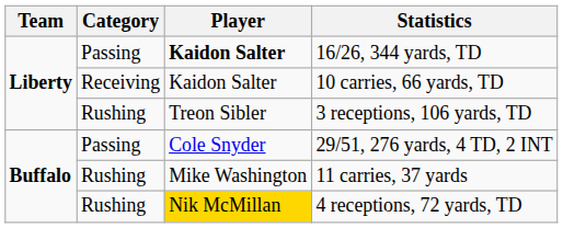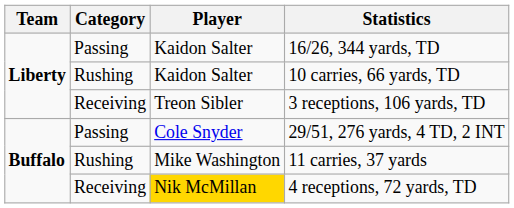 <table class="wikitable" style="float: right;">
 <tr>
 <th>Team</th>
 <th>Category</th>
 <th>Player</th>
 <th>Statistics</th>
 </tr>
 <tr>
 <td rowspan=3><strong>Liberty</strong></td>
 <td>Passing</td>
-<td><strong>Kaidon Salter</strong></td>
+<td>Kaidon Salter</td>
 <td>16/26, 344 yards, TD</td>
 </tr>
 <tr>
-<td>Receiving</td>
+<td>Rushing</td>
 <td>Kaidon Salter</td>
 <td>10 carries, 66 yards, TD</td>
 </tr>
 <tr>
-<td>Rushing</td>
+<td>Receiving</td>
 <td>Treon Sibler</td>
 <td>3 receptions, 106 yards, TD</td>
 </tr>
 <tr>
 <td rowspan=3><strong>Buffalo</strong></td>
 <td>Passing</td>
 <td><a href='#'>Cole Snyder</a></td>
 <td>29/51, 276 yards, 4 TD, 2 INT</td>
 </tr>
 <tr>
 <td>Rushing</td>
 <td>Mike Washington</td>
 <td>11 carries, 37 yards</td>
 </tr>
 <tr>
-<td>Rushing</td>
+<td>Receiving</td>
 <td style="background: gold;">Nik McMillan</td>
 <td>4 receptions, 72 yards, TD</td>
 </tr>
 </table>
